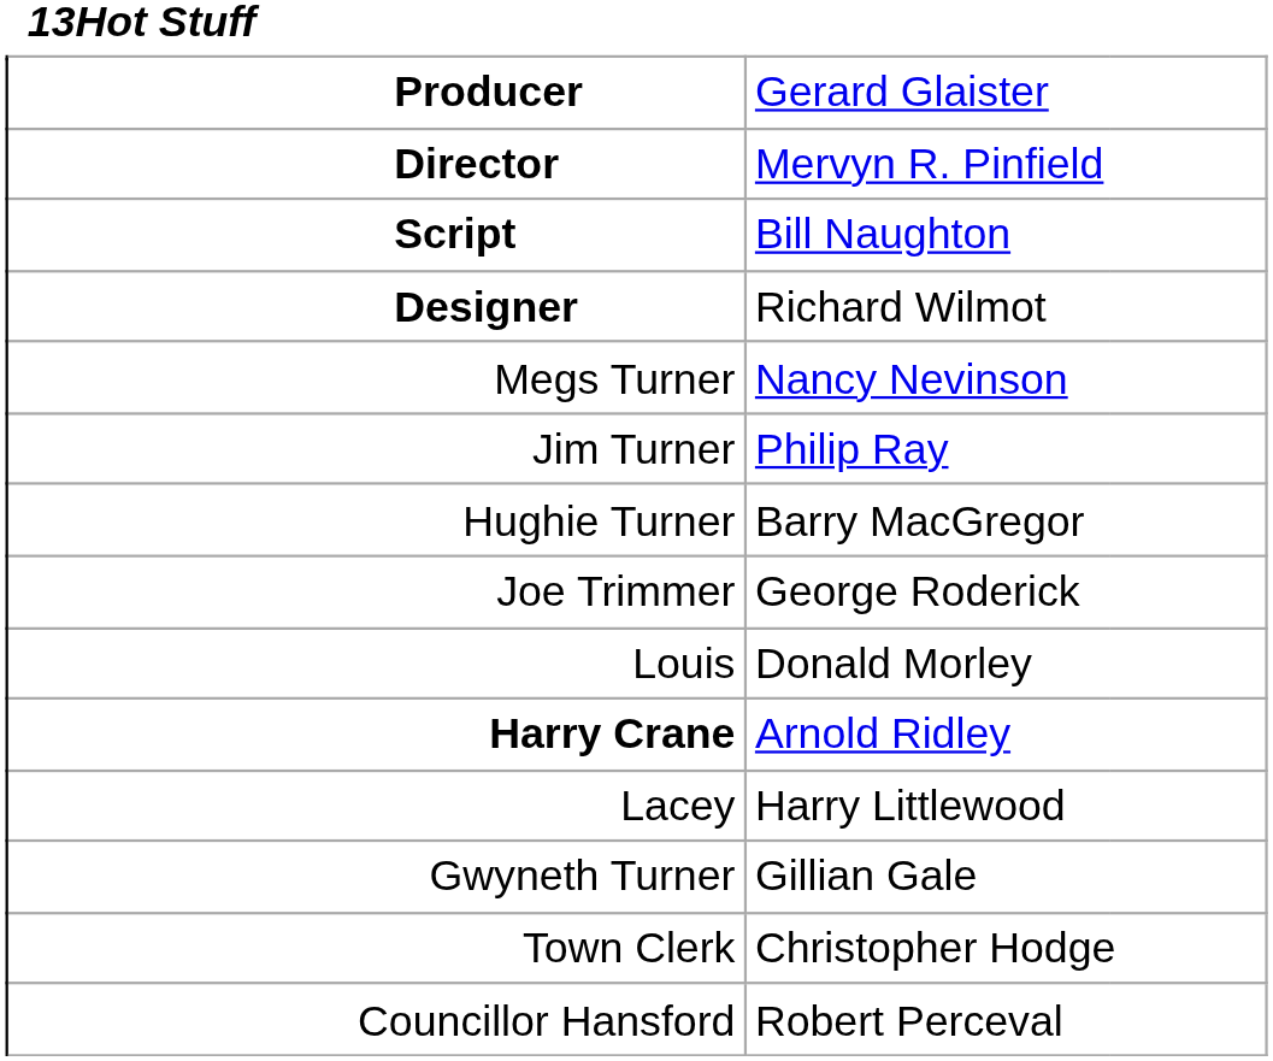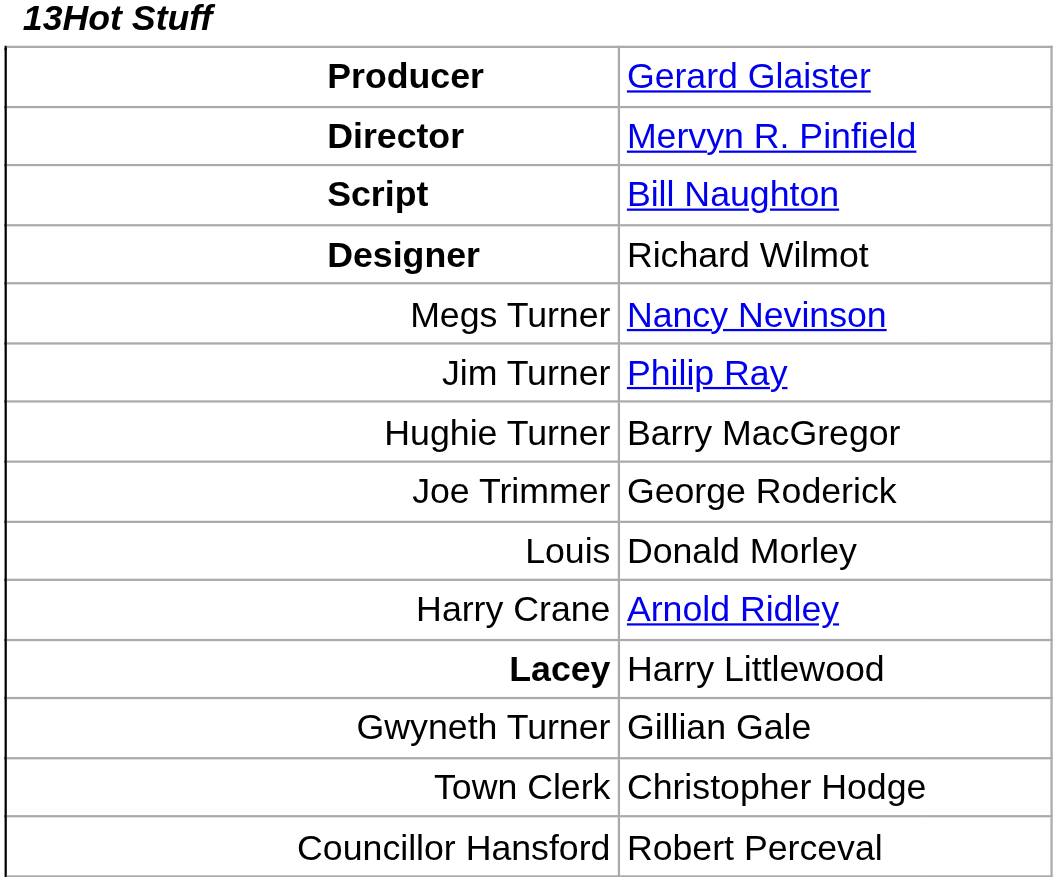 <table class="wikitable mw-collapsible mw-collapsed" style="vertical-align:top;margin:auto 2em;line-height:1.2;min-width:33em;display: inline-table;background-color:inherit;border:none;">
 <tr>
 <td class=unsortable style="border:hidden;line-height:1.67;text-align:center;margin-left:-1em;padding-left:0.5em;min-width:1.0em;"></td>
 <td class=unsortable style="border:none;padding-left:0.5em;text-align:left;min-width:16.5em;font-weight:700;font-style:italic;">13Hot Stuff</td>
 <td class=unsortable style="border:none;text-align:right;font-weight:normal;font-family:Courier;font-size:95%;letter-spacing:-1pt;min-width:8.5em;padding-right:0.2em;"></td>
 <td class=unsortable style="border:hidden;min-width:3.5em;padding-left:0;"></td>
 <td class=unsortable style="border:hidden;min-width:3.5em;font-size:95%;"></td>
 </tr>
 <tr>
 <td rowspan=100 style="border:none thin;border-right-style :solid;"></td>
 </tr>
 <tr>
 <td style="text-align:left;padding-left:9.0em;font-weight:bold;">Producer</td>
 <td colspan=2><a href='#'>Gerard Glaister</a></td>
 </tr>
 <tr>
 <td style="text-align:left;padding-left:9.0em;font-weight:bold;">Director</td>
 <td colspan=2><a href='#'>Mervyn R. Pinfield</a></td>
 </tr>
 <tr>
 <td style="text-align:left;padding-left:9.0em;font-weight:bold;">Script</td>
 <td colspan=2><a href='#'>Bill Naughton</a></td>
 </tr>
 <tr>
 <td style="text-align:left;padding-left:9.0em;font-weight:bold;">Designer</td>
 <td colspan=2>Richard Wilmot</td>
 </tr>
 <tr>
 <td style="text-align:right;">Megs Turner</td>
 <td colspan=2><a href='#'>Nancy Nevinson</a></td>
 </tr>
 <tr>
 <td style="text-align:right;">Jim Turner</td>
 <td colspan=2><a href='#'>Philip Ray</a></td>
 </tr>
 <tr>
 <td style="text-align:right;">Hughie Turner</td>
 <td colspan=2>Barry MacGregor</td>
 </tr>
 <tr>
 <td style="text-align:right;">Joe Trimmer</td>
 <td colspan=2>George Roderick</td>
 </tr>
 <tr>
 <td style="text-align:right;">Louis</td>
 <td colspan=2>Donald Morley</td>
 </tr>
 <tr>
-<td style="text-align:right;"><strong>Harry Crane</strong></td>
+<td style="text-align:right;">Harry Crane</td>
 <td colspan=2><a href='#'>Arnold Ridley</a></td>
 </tr>
 <tr>
-<td style="text-align:right;">Lacey</td>
+<td style="text-align:right;"><strong>Lacey</strong></td>
 <td colspan=2>Harry Littlewood</td>
 </tr>
 <tr>
 <td style="text-align:right;">Gwyneth Turner</td>
 <td colspan=2>Gillian Gale</td>
 </tr>
 <tr>
 <td style="text-align:right;">Town Clerk</td>
 <td colspan=2>Christopher Hodge</td>
 </tr>
 <tr>
 <td style="text-align:right;">Councillor Hansford</td>
 <td colspan=2>Robert Perceval</td>
 </tr>
 </table>
